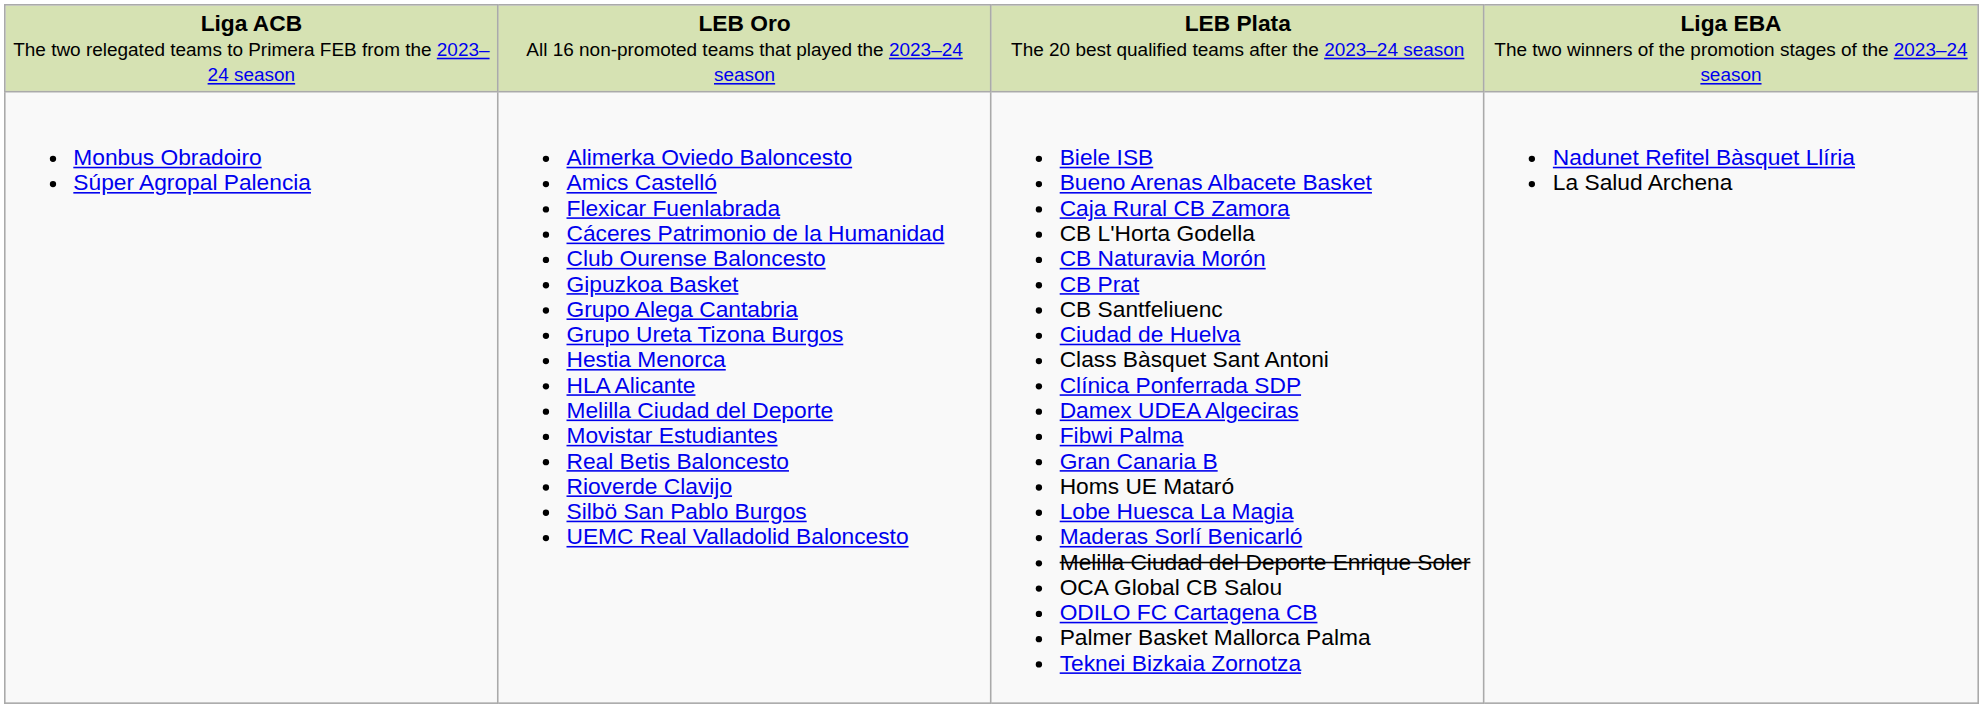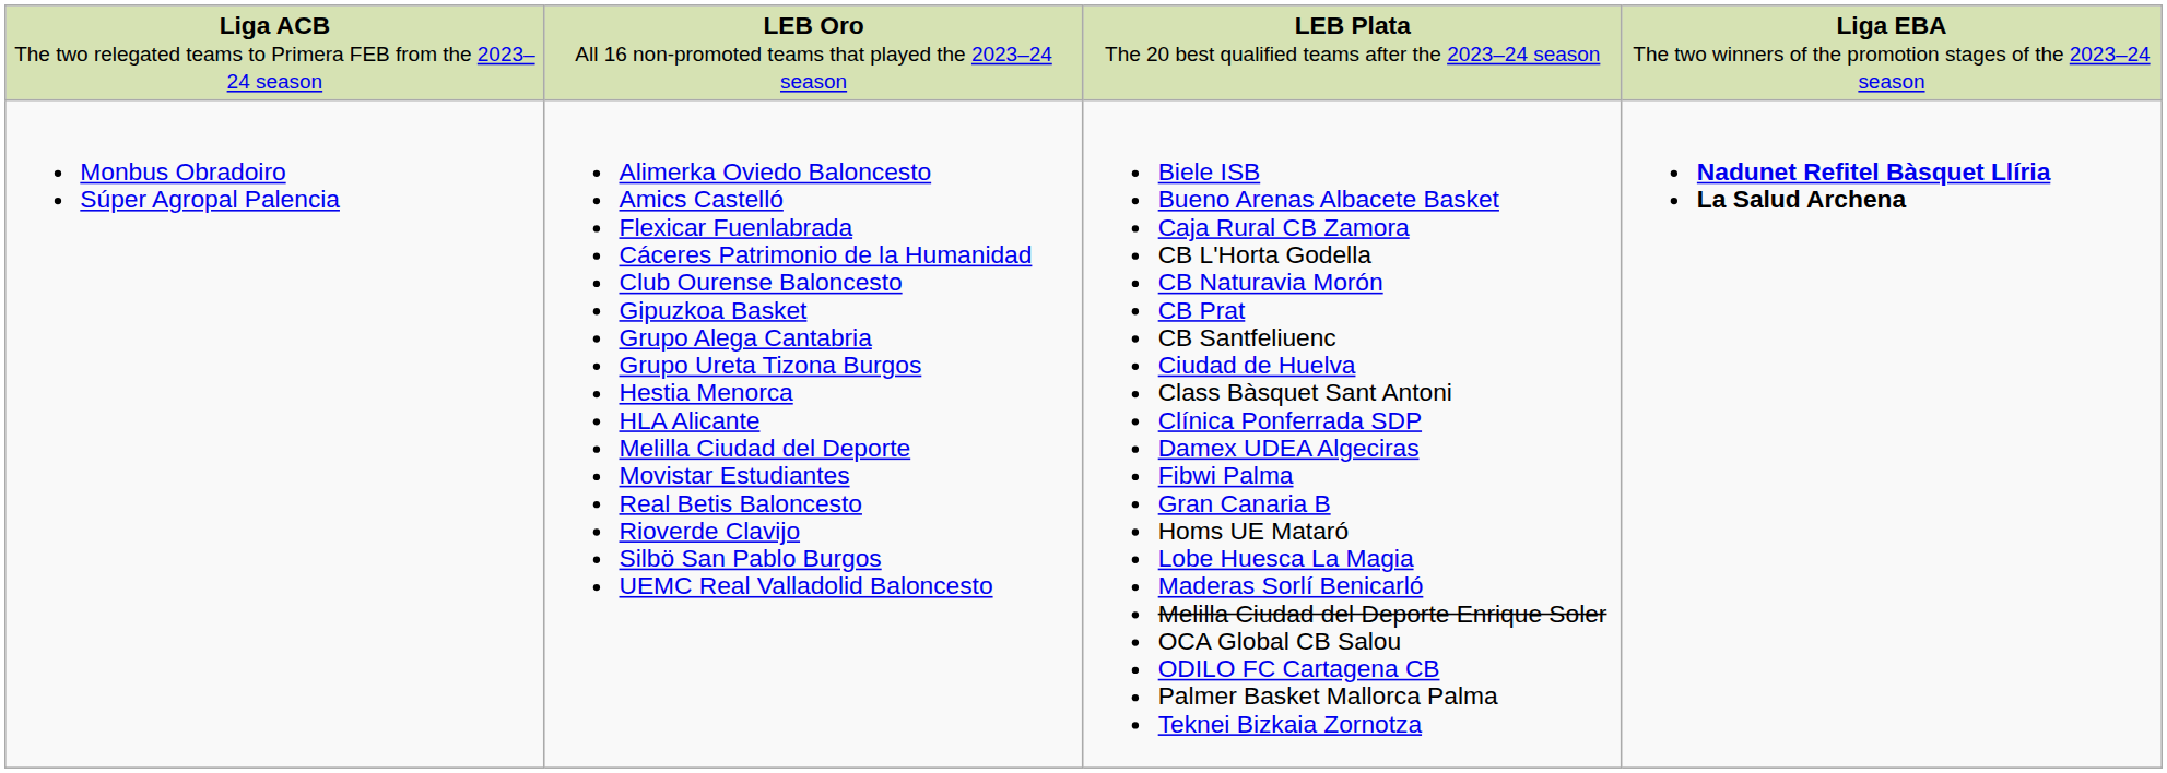 <table class="wikitable" style="font-size:90%">
 <tr style="background-color:#d6e2b3; text-align:center; vertical-align:top">
 <td style="width:25%"><strong>Liga ACB</strong><br><small>The two relegated teams to Primera FEB from the <a href='#'>2023–24 season</a></small></td>
 <td style="width:25%"><strong>LEB Oro</strong><br><small>All 16 non-promoted teams that played the <a href='#'>2023–24 season</a></small></td>
 <td style="width:25%"><strong>LEB Plata</strong><br><small>The 20 best qualified teams after the <a href='#'>2023–24 season</a></small></td>
 <td style="width:25%"><strong>Liga EBA</strong><br><small>The two winners of the promotion stages of the <a href='#'>2023–24 season</a></small></td>
 </tr>
 <tr style="vertical-align:top">
 <td><br><ul><li><a href='#'>Monbus Obradoiro</a></li><li><a href='#'>Súper Agropal Palencia</a></li></ul></td>
 <td><br><ul><li><a href='#'>Alimerka Oviedo Baloncesto</a></li><li><a href='#'>Amics Castelló</a></li><li><a href='#'>Flexicar Fuenlabrada</a></li><li><a href='#'>Cáceres Patrimonio de la Humanidad</a></li><li><a href='#'>Club Ourense Baloncesto</a></li><li><a href='#'>Gipuzkoa Basket</a></li><li><a href='#'>Grupo Alega Cantabria</a></li><li><a href='#'>Grupo Ureta Tizona Burgos</a></li><li><a href='#'>Hestia Menorca</a></li><li><a href='#'>HLA Alicante</a></li><li><a href='#'>Melilla Ciudad del Deporte</a></li><li><a href='#'>Movistar Estudiantes</a></li><li><a href='#'>Real Betis Baloncesto</a></li><li><a href='#'>Rioverde Clavijo</a></li><li><a href='#'>Silbö San Pablo Burgos</a></li><li><a href='#'>UEMC Real Valladolid Baloncesto</a></li></ul></td>
 <td><br><ul><li><a href='#'>Biele ISB</a></li><li><a href='#'>Bueno Arenas Albacete Basket</a></li><li><a href='#'>Caja Rural CB Zamora</a></li><li>CB L'Horta Godella</li><li><a href='#'>CB Naturavia Morón</a></li><li><a href='#'>CB Prat</a></li><li>CB Santfeliuenc</li><li><a href='#'>Ciudad de Huelva</a></li><li>Class Bàsquet Sant Antoni</li><li><a href='#'>Clínica Ponferrada SDP</a></li><li><a href='#'>Damex UDEA Algeciras</a></li><li><a href='#'>Fibwi Palma</a></li><li><a href='#'>Gran Canaria B</a></li><li>Homs UE Mataró</li><li><a href='#'>Lobe Huesca La Magia</a></li><li><a href='#'>Maderas Sorlí Benicarló</a></li><li><s>Melilla Ciudad del Deporte Enrique Soler</s></li><li>OCA Global CB Salou</li><li><a href='#'>ODILO FC Cartagena CB</a></li><li>Palmer Basket Mallorca Palma</li><li><a href='#'>Teknei Bizkaia Zornotza</a></li></ul></td>
-<td><br><ul><li><a href='#'>Nadunet Refitel Bàsquet Llíria</a></li><li>La Salud Archena</li></ul></td>
+<td><strong><br><ul><li><a href='#'>Nadunet Refitel Bàsquet Llíria</a></li><li>La Salud Archena</li></ul></strong></td>
 </tr>
 </table>
